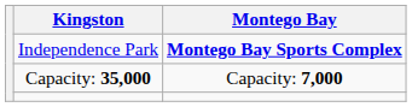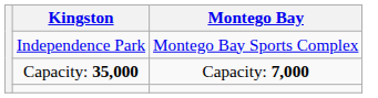 <table class="wikitable" style="text-align:center">
 <tr>
 <th rowspan="4"></th>
 <th><a href='#'>Kingston</a></th>
 <th><a href='#'>Montego Bay</a></th>
 </tr>
 <tr>
 <td><a href='#'>Independence Park</a></td>
-<td><strong><a href='#'>Montego Bay Sports Complex</a></strong></td>
+<td><a href='#'>Montego Bay Sports Complex</a></td>
 </tr>
 <tr>
 <td>Capacity: <strong>35,000</strong></td>
 <td>Capacity: <strong>7,000</strong></td>
 </tr>
 <tr>
 <td></td>
 <td></td>
 </tr>
 </table>
